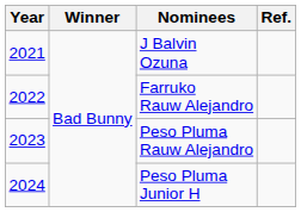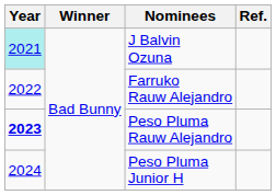 <table class="wikitable">
 <tr>
 <th>Year</th>
 <th>Winner</th>
 <th>Nominees</th>
 <th>Ref.</th>
 </tr>
 <tr>
-<td><a href='#'>2021</a></td>
+<td style="background: paleturquoise;"><a href='#'>2021</a></td>
 <td rowspan=4><a href='#'>Bad Bunny</a></td>
 <td><a href='#'>J Balvin</a><br><a href='#'>Ozuna</a></td>
 <td align="center"><br></td>
 </tr>
 <tr>
 <td><a href='#'>2022</a></td>
 <td><a href='#'>Farruko</a><br><a href='#'>Rauw Alejandro</a></td>
 <td align="center"><br></td>
 </tr>
 <tr>
-<td><a href='#'>2023</a></td>
+<td><strong><a href='#'>2023</a></strong></td>
 <td><a href='#'>Peso Pluma</a><br><a href='#'>Rauw Alejandro</a></td>
 <td align="center"><br></td>
 </tr>
 <tr>
 <td><a href='#'>2024</a></td>
 <td><a href='#'>Peso Pluma</a><br><a href='#'>Junior H</a></td>
 <td align="center"><br></td>
 </tr>
 </table>
